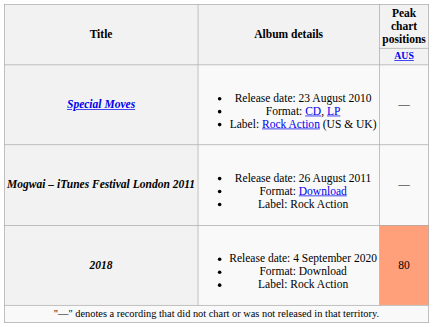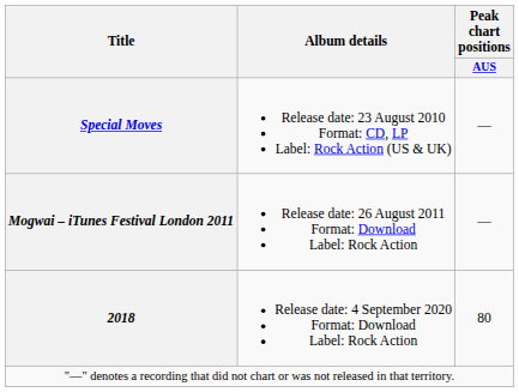 <table class="wikitable plainrowheaders" style="text-align:center">
 <tr>
 <th scope="col" rowspan="2">Title</th>
 <th scope="col" rowspan="2">Album details</th>
 <th scope="col" colspan="1">Peak chart positions</th>
 </tr>
 <tr>
 <th scope="col" style="width:2.5em;font-size:85%;"><a href='#'>AUS</a><br></th>
 </tr>
 <tr>
 <th scope="row"><em><a href='#'>Special Moves</a></em></th>
 <td><br><ul><li>Release date: 23 August 2010</li><li>Format: <a href='#'>CD</a>, <a href='#'>LP</a></li><li>Label: <a href='#'>Rock Action</a> (US & UK)</li></ul></td>
 <td>—</td>
 </tr>
 <tr>
 <th scope="row"><em>Mogwai – iTunes Festival London 2011</em></th>
 <td><br><ul><li>Release date: 26 August 2011</li><li>Format: <a href='#'>Download</a></li><li>Label: Rock Action</li></ul></td>
 <td>—</td>
 </tr>
 <tr>
 <th scope="row"><em>2018</em></th>
 <td><br><ul><li>Release date: 4 September 2020</li><li>Format: Download</li><li>Label: Rock Action</li></ul></td>
-<td style="background: lightsalmon;">80</td>
+<td>80</td>
 </tr>
 <tr>
 <td colspan="14" style="font-size:90%">"—" denotes a recording that did not chart or was not released in that territory.</td>
 </tr>
 </table>
